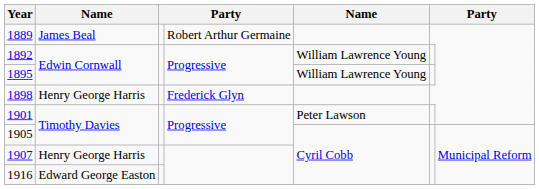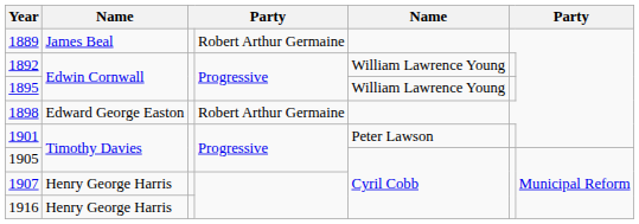 <table class="wikitable">
 <tr>
 <th>Year</th>
 <th>Name</th>
 <th colspan=2>Party</th>
 <th>Name</th>
 <th colspan=2>Party</th>
 </tr>
 <tr>
 <td><a href='#'>1889</a></td>
 <td><a href='#'>James Beal</a></td>
 <td></td>
 <td>Robert Arthur Germaine</td>
 <td></td>
 </tr>
 <tr>
 <td><a href='#'>1892</a></td>
 <td rowspan=2><a href='#'>Edwin Cornwall</a></td>
 <td rowspan=2 style="background-color: "></td>
 <td rowspan=2><a href='#'>Progressive</a></td>
 <td>William Lawrence Young</td>
 <td></td>
 </tr>
 <tr>
 <td><a href='#'>1895</a></td>
 <td>William Lawrence Young</td>
 <td></td>
 </tr>
 <tr>
 <td><a href='#'>1898</a></td>
-<td>Henry George Harris</td>
+<td>Edward George Easton</td>
 <td></td>
-<td><a href='#'>Frederick Glyn</a></td>
+<td>Robert Arthur Germaine</td>
 <td></td>
 </tr>
 <tr>
 <td><a href='#'>1901</a></td>
 <td rowspan=2><a href='#'>Timothy Davies</a></td>
 <td rowspan=2 style="background-color: "></td>
 <td rowspan=2><a href='#'>Progressive</a></td>
 <td>Peter Lawson</td>
 <td></td>
 </tr>
 <tr>
 <td>1905</td>
 <td rowspan=3><a href='#'>Cyril Cobb</a></td>
 <td rowspan=3 style="background-color: "></td>
 <td rowspan=3><a href='#'>Municipal Reform</a></td>
 </tr>
 <tr>
 <td><a href='#'>1907</a></td>
 <td>Henry George Harris</td>
 <td></td>
 </tr>
 <tr>
 <td>1916</td>
-<td>Edward George Easton</td>
+<td>Henry George Harris</td>
 <td></td>
 </tr>
 </table>
